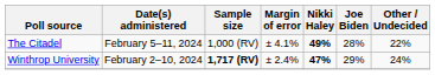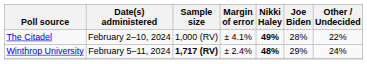 <table class="wikitable sortable mw-datatable" style="font-size:90%;text-align:center;line-height:17px">
 <tr valign=bottom>
 <th>Poll source</th>
 <th>Date(s)<br>administered</th>
 <th>Sample<br>size</th>
 <th>Margin<br>of error</th>
 <th class="unsortable">Nikki<br>Haley<br></th>
 <th class="unsortable">Joe<br>Biden<br></th>
 <th class="unsortable">Other /<br>Undecided</th>
 </tr>
 <tr>
 <td style="text-align:left;"><a href='#'>The Citadel</a></td>
-<td data-sort-value="2024-02-15">February 5–11, 2024</td>
+<td data-sort-value="2024-02-14">February 2–10, 2024</td>
 <td>1,000 (RV)</td>
 <td>± 4.1%</td>
 <td style="background-color:"><strong>49%</strong></td>
 <td>28%</td>
 <td>22%</td>
 </tr>
 <tr>
 <td style="text-align:left;"><a href='#'>Winthrop University</a></td>
-<td data-sort-value="2024-02-14">February 2–10, 2024</td>
+<td data-sort-value="2024-02-15">February 5–11, 2024</td>
 <td><strong>1,717 (RV)</strong></td>
 <td>± 2.4%</td>
-<td style="background-color:"><strong>47%</strong></td>
+<td style="background-color:"><strong>48%</strong></td>
 <td>29%</td>
 <td>24%</td>
 </tr>
 <tr>
 </tr>
 </table>
